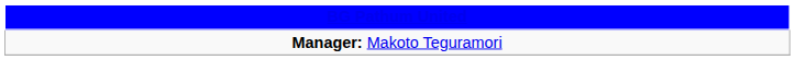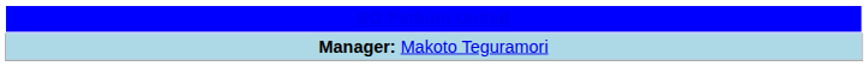 <table class="wikitable" style="width:40%; text-align:center">
 <tr>
 <th colspan="7" style="text-align:center;  background:blue;color:yellow;border:1px solid white"> <a href='#'><span>BG Pathum United</span></a></th>
 </tr>
 <tr>
-<td><strong>Manager:</strong>  <a href='#'>Makoto Teguramori</a></td>
+<td style="background: lightblue;"><strong>Manager:</strong>  <a href='#'>Makoto Teguramori</a></td>
 </tr>
 <tr>
 </tr>
 </table>
